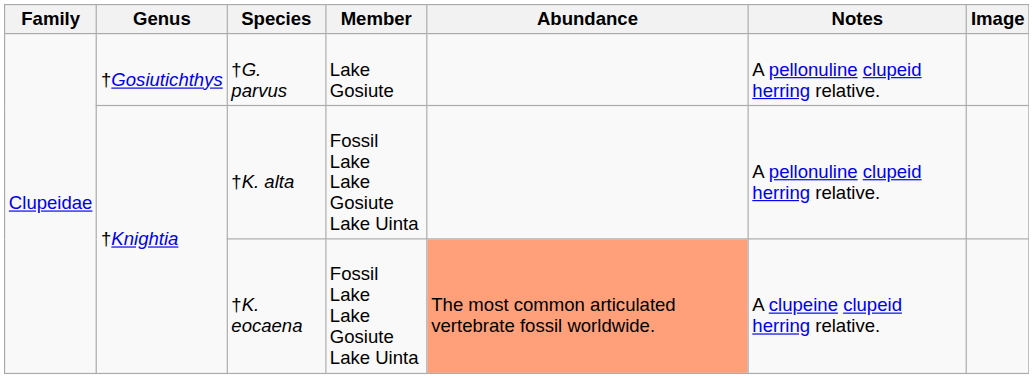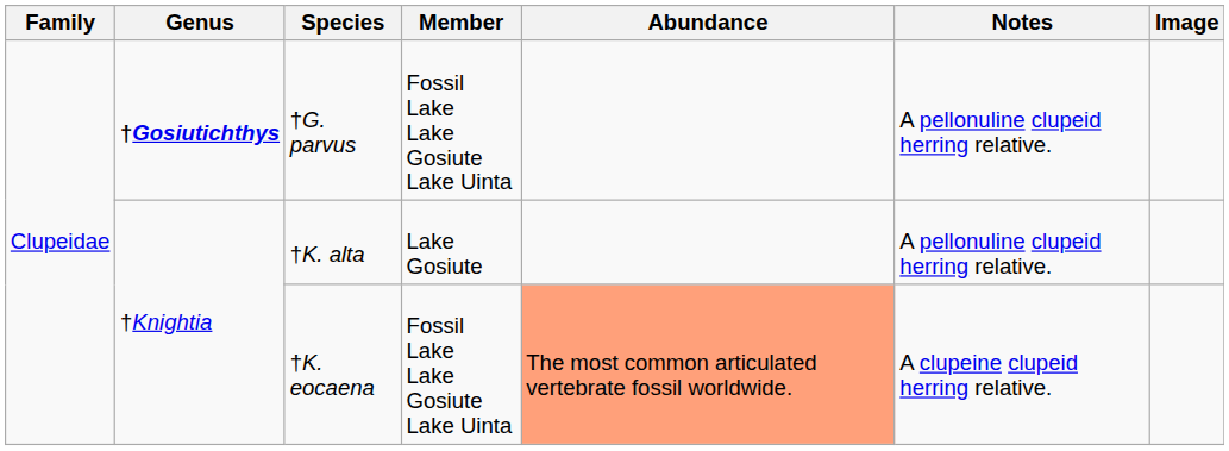 <table class="wikitable" style="margin:auto;width:100%;">
 <tr>
 <th>Family</th>
 <th>Genus</th>
 <th>Species</th>
 <th>Member</th>
 <th>Abundance</th>
 <th>Notes</th>
 <th>Image</th>
 </tr>
 <tr>
 <td rowspan=3><a href='#'>Clupeidae</a></td>
-<td><br>†<em><a href='#'>Gosiutichthys</a></em></td>
+<td><strong><br>†<em><a href='#'>Gosiutichthys</a></em></strong></td>
 <td><br>†<em>G. parvus</em> </td>
-<td><br>Lake Gosiute</td>
+<td><br>Fossil Lake<br> Lake Gosiute<br> Lake Uinta</td>
 <td></td>
 <td><br>A <a href='#'>pellonuline</a> <a href='#'>clupeid herring</a> relative.</td>
 <td><br></td>
 </tr>
 <tr>
 <td rowspan=2>†<em><a href='#'>Knightia</a></em></td>
 <td><br>†<em>K. alta</em> </td>
-<td><br>Fossil Lake<br> Lake Gosiute<br> Lake Uinta</td>
+<td><br>Lake Gosiute</td>
 <td></td>
 <td><br>A <a href='#'>pellonuline</a> <a href='#'>clupeid herring</a> relative.</td>
 <td></td>
 </tr>
 <tr>
 <td><br>†<em>K. eocaena</em> </td>
 <td><br>Fossil Lake<br> Lake Gosiute<br> Lake Uinta</td>
 <td style="background: lightsalmon;"><br>The most common articulated vertebrate fossil worldwide.</td>
 <td><br>A <a href='#'>clupeine</a> <a href='#'>clupeid herring</a> relative.</td>
 <td><br></td>
 </tr>
 </table>
